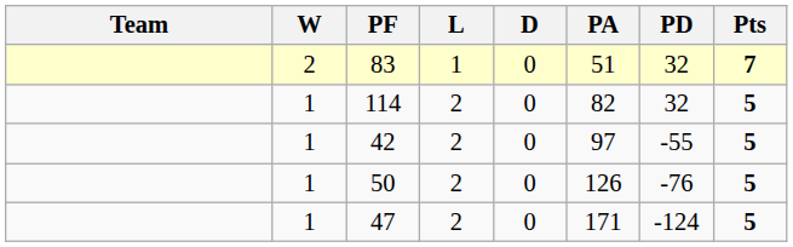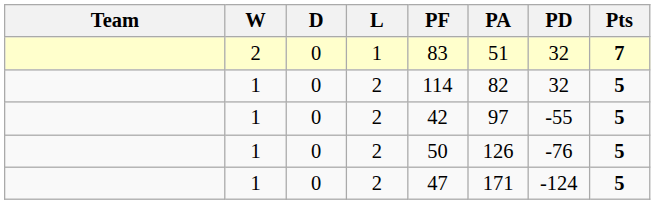 <table class="wikitable" style="text-align:center">
 <tr>
 <th width=165>Team</th>
 <th width=40>W</th>
+<th width=40>D</th>
+<th width=40>L</th>
 <th width=40>PF</th>
-<th width=40>L</th>
-<th width=40>D</th>
 <th width=40>PA</th>
 <th width=40>PD</th>
 <th width=40>Pts</th>
 </tr>
 <tr style="background:#ffc">
 <td align=left></td>
 <td>2</td>
+<td>0</td>
+<td>1</td>
 <td>83</td>
-<td>1</td>
-<td>0</td>
 <td>51</td>
 <td>32</td>
 <td><strong>7</strong></td>
 </tr>
 <tr>
 <td align=left></td>
 <td>1</td>
+<td>0</td>
+<td>2</td>
 <td>114</td>
-<td>2</td>
-<td>0</td>
 <td>82</td>
 <td>32</td>
 <td><strong>5</strong></td>
 </tr>
 <tr>
 <td align=left></td>
 <td>1</td>
+<td>0</td>
+<td>2</td>
 <td>42</td>
-<td>2</td>
-<td>0</td>
 <td>97</td>
 <td>-55</td>
 <td><strong>5</strong></td>
 </tr>
 <tr>
 <td align=left></td>
 <td>1</td>
+<td>0</td>
+<td>2</td>
 <td>50</td>
-<td>2</td>
-<td>0</td>
 <td>126</td>
 <td>-76</td>
 <td><strong>5</strong></td>
 </tr>
 <tr>
 <td align=left></td>
 <td>1</td>
+<td>0</td>
+<td>2</td>
 <td>47</td>
-<td>2</td>
-<td>0</td>
 <td>171</td>
 <td>-124</td>
 <td><strong>5</strong></td>
 </tr>
 </table>
